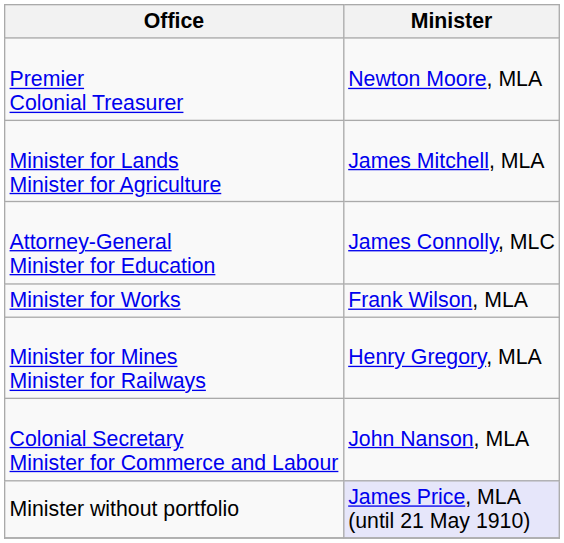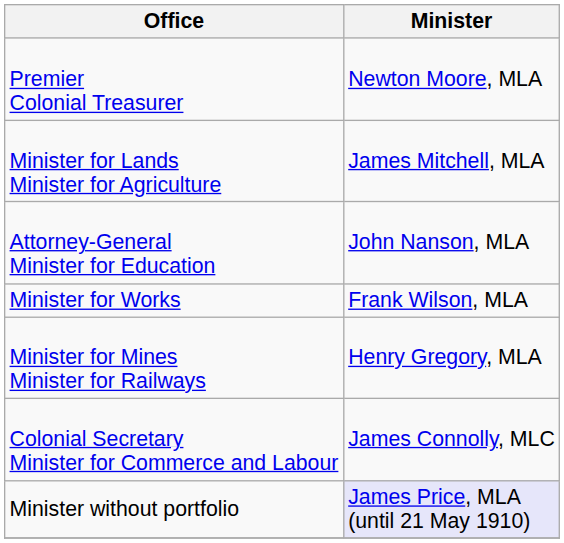 <table class="wikitable">
 <tr>
 <th>Office</th>
 <th>Minister</th>
 </tr>
 <tr>
 <td><br><a href='#'>Premier</a><br> <a href='#'>Colonial Treasurer</a><br></td>
 <td><a href='#'>Newton Moore</a>, MLA</td>
 </tr>
 <tr>
 <td><br><a href='#'>Minister for Lands</a><br> <a href='#'>Minister for Agriculture</a><br></td>
 <td><a href='#'>James Mitchell</a>, MLA</td>
 </tr>
 <tr>
 <td><br><a href='#'>Attorney-General</a><br> <a href='#'>Minister for Education</a><br></td>
-<td><a href='#'>James Connolly</a>, MLC</td>
+<td><a href='#'>John Nanson</a>, MLA</td>
 </tr>
 <tr>
 <td><a href='#'>Minister for Works</a></td>
 <td><a href='#'>Frank Wilson</a>, MLA</td>
 </tr>
 <tr>
 <td><br><a href='#'>Minister for Mines</a><br> <a href='#'>Minister for Railways</a><br></td>
 <td><a href='#'>Henry Gregory</a>, MLA</td>
 </tr>
 <tr>
 <td><br><a href='#'>Colonial Secretary</a><br> <a href='#'>Minister for Commerce and Labour</a><br></td>
-<td><a href='#'>John Nanson</a>, MLA</td>
+<td><a href='#'>James Connolly</a>, MLC</td>
 </tr>
 <tr>
 <td>Minister without portfolio</td>
 <td style="background: lavender;"><a href='#'>James Price</a>, MLA<br>(until 21 May 1910)</td>
 </tr>
 <tr>
 </tr>
 </table>
